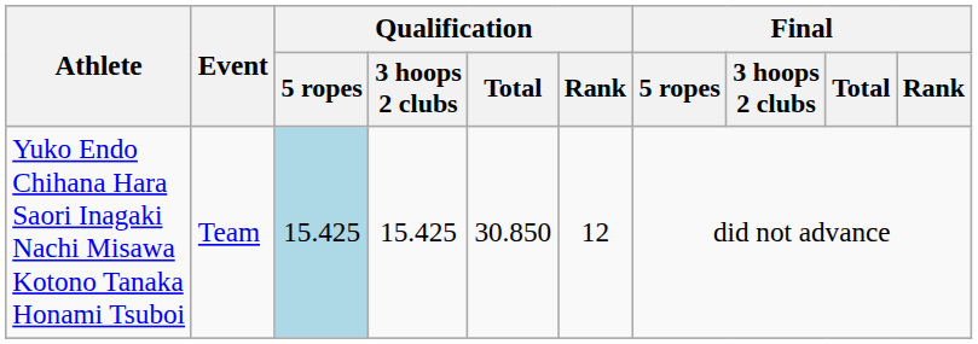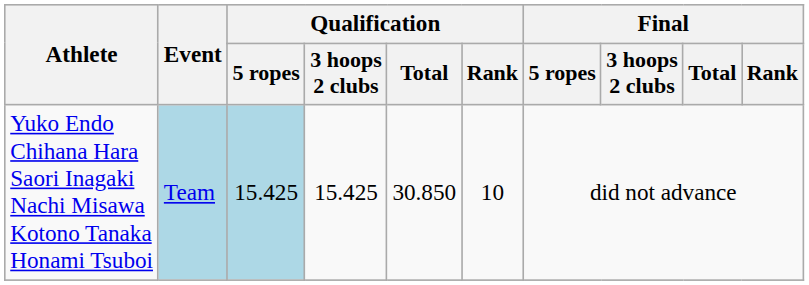 <table class="wikitable" style="font-size:90%">
 <tr>
 <th rowspan="2">Athlete</th>
 <th rowspan="2">Event</th>
 <th colspan="4">Qualification</th>
 <th colspan="4">Final</th>
 </tr>
 <tr style="font-size:95%">
 <th>5 ropes</th>
 <th>3 hoops<br>2 clubs</th>
 <th>Total</th>
 <th>Rank</th>
 <th>5 ropes</th>
 <th>3 hoops<br>2 clubs</th>
 <th>Total</th>
 <th>Rank</th>
 </tr>
 <tr align=center>
 <td align=left><a href='#'>Yuko Endo</a><br><a href='#'>Chihana Hara</a><br><a href='#'>Saori Inagaki</a><br><a href='#'>Nachi Misawa</a><br><a href='#'>Kotono Tanaka</a><br><a href='#'>Honami Tsuboi</a></td>
-<td align=left><a href='#'>Team</a></td>
+<td align=left style="background: lightblue;"><a href='#'>Team</a></td>
 <td style="background: lightblue;">15.425</td>
 <td>15.425</td>
 <td>30.850</td>
-<td>12</td>
+<td>10</td>
 <td colspan=4>did not advance</td>
 </tr>
 </table>
